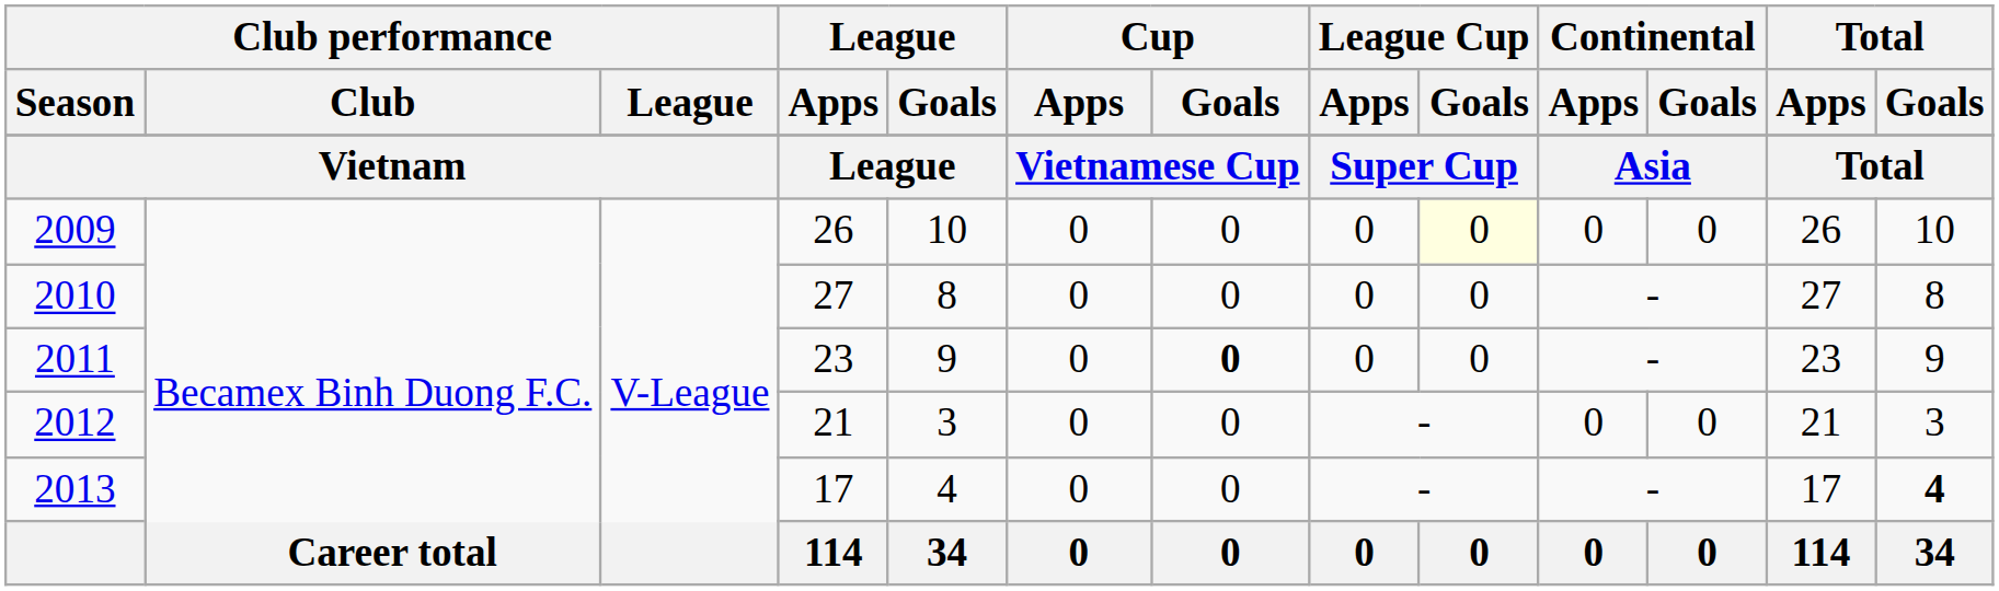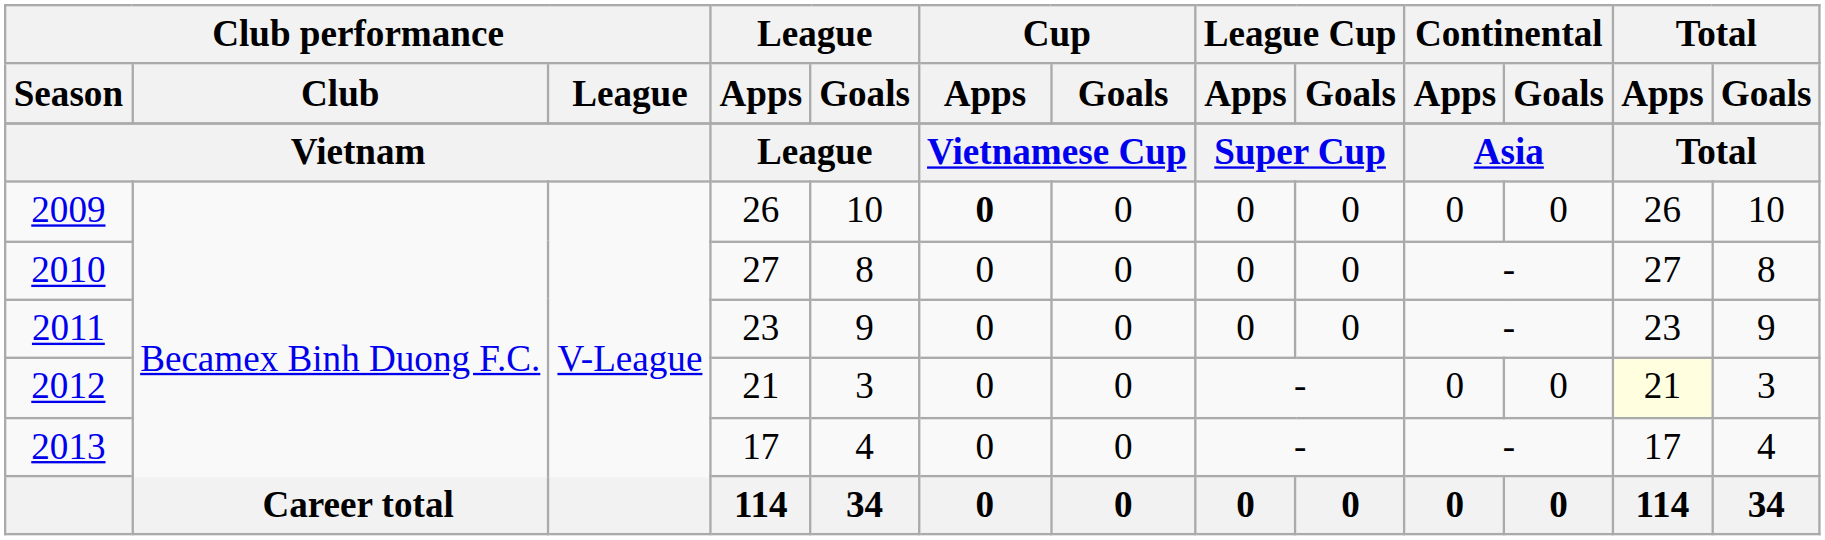 <table class="wikitable" style="text-align:center">
 <tr>
 <th colspan=3>Club performance</th>
 <th colspan=2>League</th>
 <th colspan=2>Cup</th>
 <th colspan=2>League Cup</th>
 <th colspan=2>Continental</th>
 <th colspan=2>Total</th>
 </tr>
 <tr>
 <th>Season</th>
 <th>Club</th>
 <th>League</th>
 <th>Apps</th>
 <th>Goals</th>
 <th>Apps</th>
 <th>Goals</th>
 <th>Apps</th>
 <th>Goals</th>
 <th>Apps</th>
 <th>Goals</th>
 <th>Apps</th>
 <th>Goals</th>
 </tr>
 <tr>
 </tr>
 <tr>
 <th colspan=3>Vietnam</th>
 <th colspan=2>League</th>
 <th colspan=2><a href='#'>Vietnamese Cup</a></th>
 <th colspan=2><a href='#'>Super Cup</a></th>
 <th colspan=2><a href='#'>Asia</a></th>
 <th colspan=2>Total</th>
 </tr>
 <tr>
 <td><a href='#'>2009</a></td>
 <td rowspan="6"><a href='#'>Becamex Binh Duong F.C.</a></td>
 <td rowspan="6"><a href='#'>V-League</a></td>
 <td>26</td>
 <td>10</td>
+<td><strong>0</strong></td>
 <td>0</td>
 <td>0</td>
 <td>0</td>
-<td style="background: lightyellow;">0</td>
 <td>0</td>
 <td>0</td>
 <td>26</td>
 <td>10</td>
 </tr>
 <tr>
 <td><a href='#'>2010</a></td>
 <td>27</td>
 <td>8</td>
 <td>0</td>
 <td>0</td>
 <td>0</td>
 <td>0</td>
 <td colspan="2">-</td>
 <td>27</td>
 <td>8</td>
 </tr>
 <tr>
 <td><a href='#'>2011</a></td>
 <td>23</td>
 <td>9</td>
 <td>0</td>
-<td><strong>0</strong></td>
+<td>0</td>
 <td>0</td>
 <td>0</td>
 <td colspan="2">-</td>
 <td>23</td>
 <td>9</td>
 </tr>
 <tr>
 <td><a href='#'>2012</a></td>
 <td>21</td>
 <td>3</td>
 <td>0</td>
 <td>0</td>
 <td colspan="2">-</td>
 <td>0</td>
 <td>0</td>
-<td>21</td>
+<td style="background: lightyellow;">21</td>
 <td>3</td>
 </tr>
 <tr>
 <td><a href='#'>2013</a></td>
 <td>17</td>
 <td>4</td>
 <td>0</td>
 <td>0</td>
 <td colspan="2">-</td>
 <td colspan="2">-</td>
 <td>17</td>
-<td><strong>4</strong></td>
+<td>4</td>
 </tr>
 <tr>
 <th colspan=3>Career total</th>
 <th>114</th>
 <th>34</th>
 <th>0</th>
 <th>0</th>
 <th>0</th>
 <th>0</th>
 <th>0</th>
 <th>0</th>
 <th>114</th>
 <th>34</th>
 </tr>
 </table>
